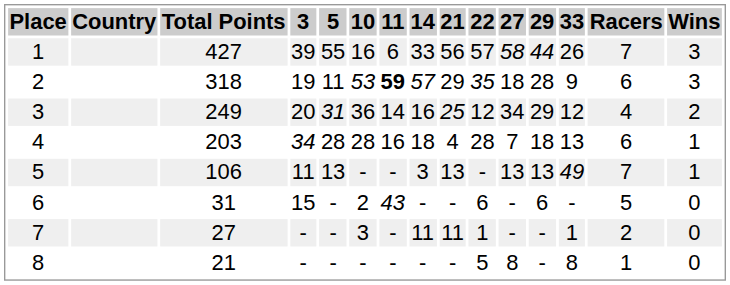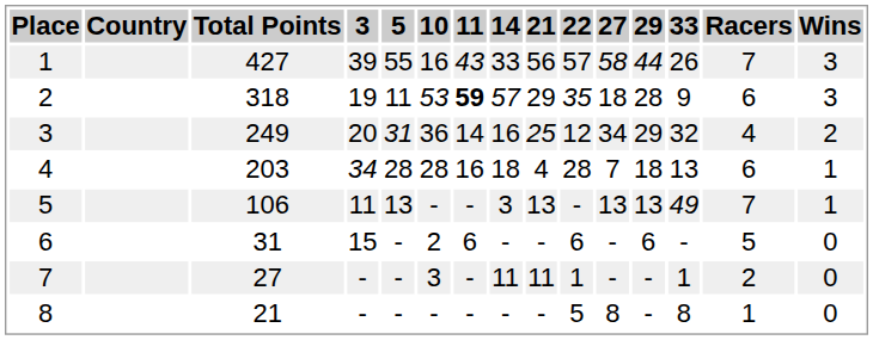 <table border="0" style="border: 1px solid #999; background-color:#FFFFFF; text-align:center">
 <tr align="center" bgcolor="#CCCCCC">
 <th>Place</th>
 <th>Country</th>
 <th>Total Points</th>
 <th>3</th>
 <th>5</th>
 <th>10</th>
 <th>11</th>
 <th>14</th>
 <th>21</th>
 <th>22</th>
 <th>27</th>
 <th>29</th>
 <th>33</th>
 <th>Racers</th>
 <th>Wins</th>
 </tr>
 <tr bgcolor="#EFEFEF">
 <td>1</td>
 <td align="left"></td>
 <td>427</td>
 <td>39</td>
 <td>55</td>
 <td>16</td>
-<td>6</td>
+<td><em>43</em></td>
 <td>33</td>
 <td>56</td>
 <td>57</td>
 <td><em>58</em></td>
 <td><em>44</em></td>
 <td>26</td>
 <td>7</td>
 <td>3</td>
 </tr>
 <tr>
 <td>2</td>
 <td align="left"></td>
 <td>318</td>
 <td>19</td>
 <td>11</td>
 <td><em>53</em></td>
 <td><strong>59</strong></td>
 <td><em>57</em></td>
 <td>29</td>
 <td><em>35</em></td>
 <td>18</td>
 <td>28</td>
 <td>9</td>
 <td>6</td>
 <td>3</td>
 </tr>
 <tr bgcolor="#EFEFEF">
 <td>3</td>
 <td align="left"></td>
 <td>249</td>
 <td>20</td>
 <td><em>31</em></td>
 <td>36</td>
 <td>14</td>
 <td>16</td>
 <td><em>25</em></td>
 <td>12</td>
 <td>34</td>
 <td>29</td>
-<td>12</td>
+<td>32</td>
 <td>4</td>
 <td>2</td>
 </tr>
 <tr>
 <td>4</td>
 <td align="left"></td>
 <td>203</td>
 <td><em>34</em></td>
 <td>28</td>
 <td>28</td>
 <td>16</td>
 <td>18</td>
 <td>4</td>
 <td>28</td>
 <td>7</td>
 <td>18</td>
 <td>13</td>
 <td>6</td>
 <td>1</td>
 </tr>
 <tr bgcolor="#EFEFEF">
 <td>5</td>
 <td align="left"></td>
 <td>106</td>
 <td>11</td>
 <td>13</td>
 <td>-</td>
 <td>-</td>
 <td>3</td>
 <td>13</td>
 <td>-</td>
 <td>13</td>
 <td>13</td>
 <td><em>49</em></td>
 <td>7</td>
 <td>1</td>
 </tr>
 <tr>
 <td>6</td>
 <td align="left"></td>
 <td>31</td>
 <td>15</td>
 <td>-</td>
 <td>2</td>
-<td><em>43</em></td>
+<td>6</td>
 <td>-</td>
 <td>-</td>
 <td>6</td>
 <td>-</td>
 <td>6</td>
 <td>-</td>
 <td>5</td>
 <td>0</td>
 </tr>
 <tr bgcolor="#EFEFEF">
 <td>7</td>
 <td align="left"></td>
 <td>27</td>
 <td>-</td>
 <td>-</td>
 <td>3</td>
 <td>-</td>
 <td>11</td>
 <td>11</td>
 <td>1</td>
 <td>-</td>
 <td>-</td>
 <td>1</td>
 <td>2</td>
 <td>0</td>
 </tr>
 <tr>
 <td>8</td>
 <td align="left"></td>
 <td>21</td>
 <td>-</td>
 <td>-</td>
 <td>-</td>
 <td>-</td>
 <td>-</td>
 <td>-</td>
 <td>5</td>
 <td>8</td>
 <td>-</td>
 <td>8</td>
 <td>1</td>
 <td>0</td>
 </tr>
 </table>
